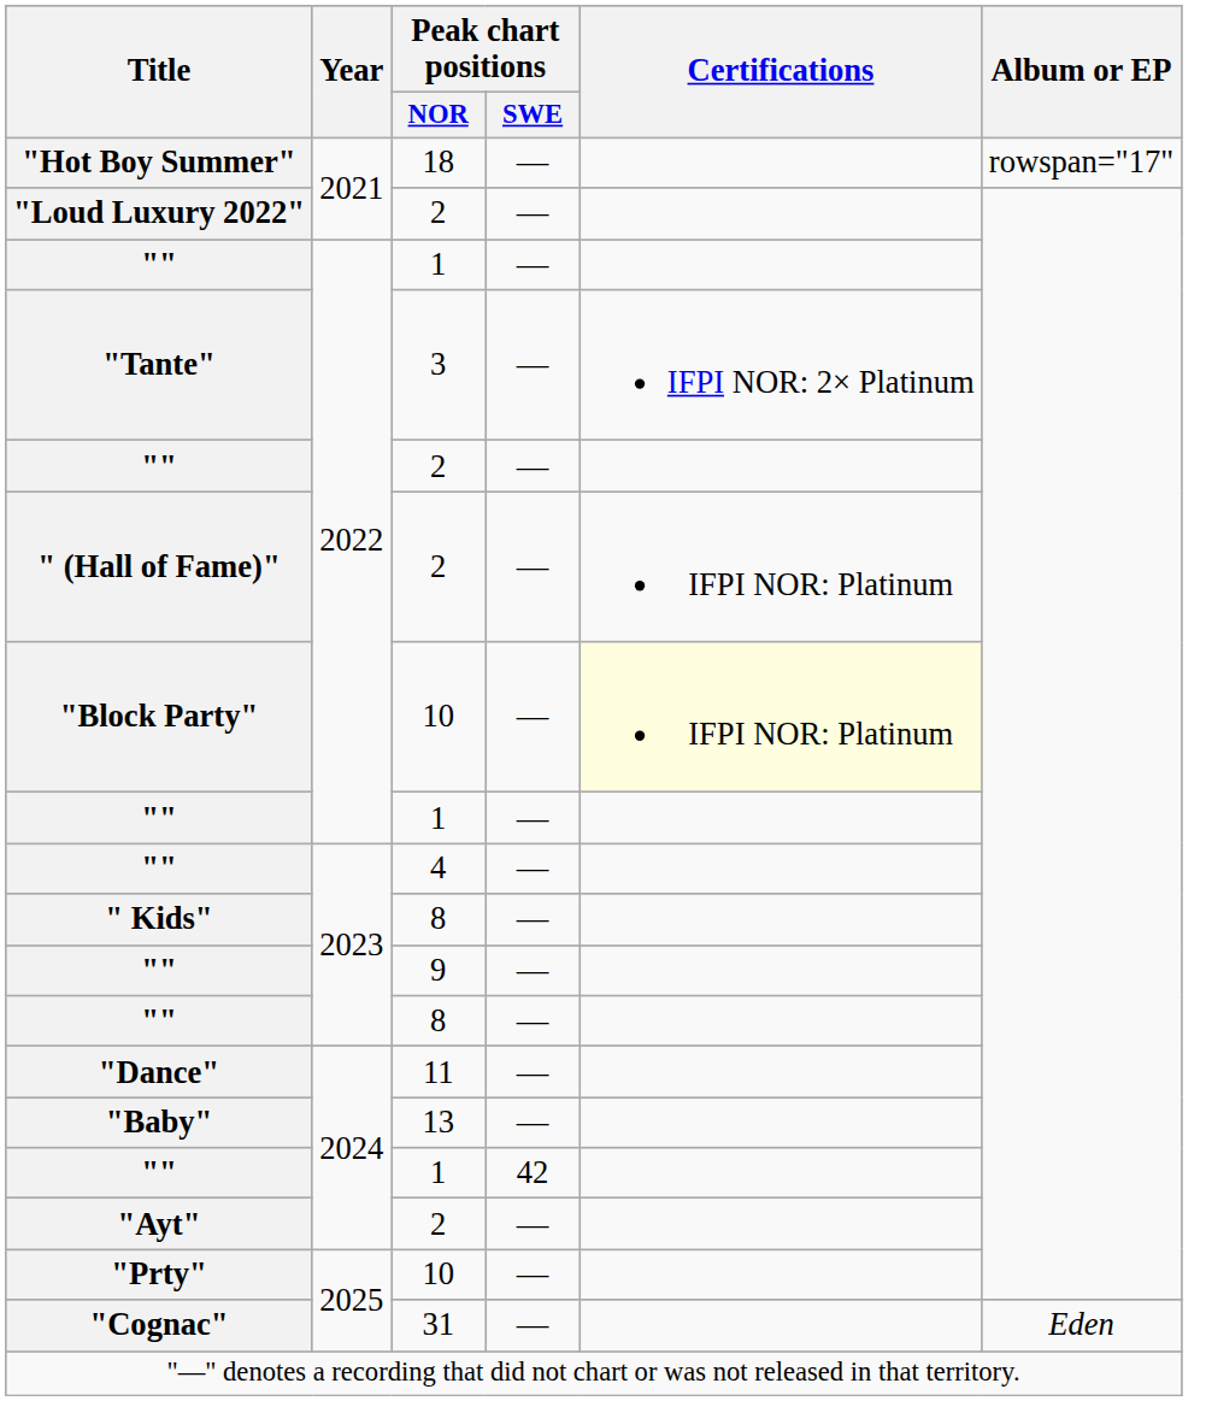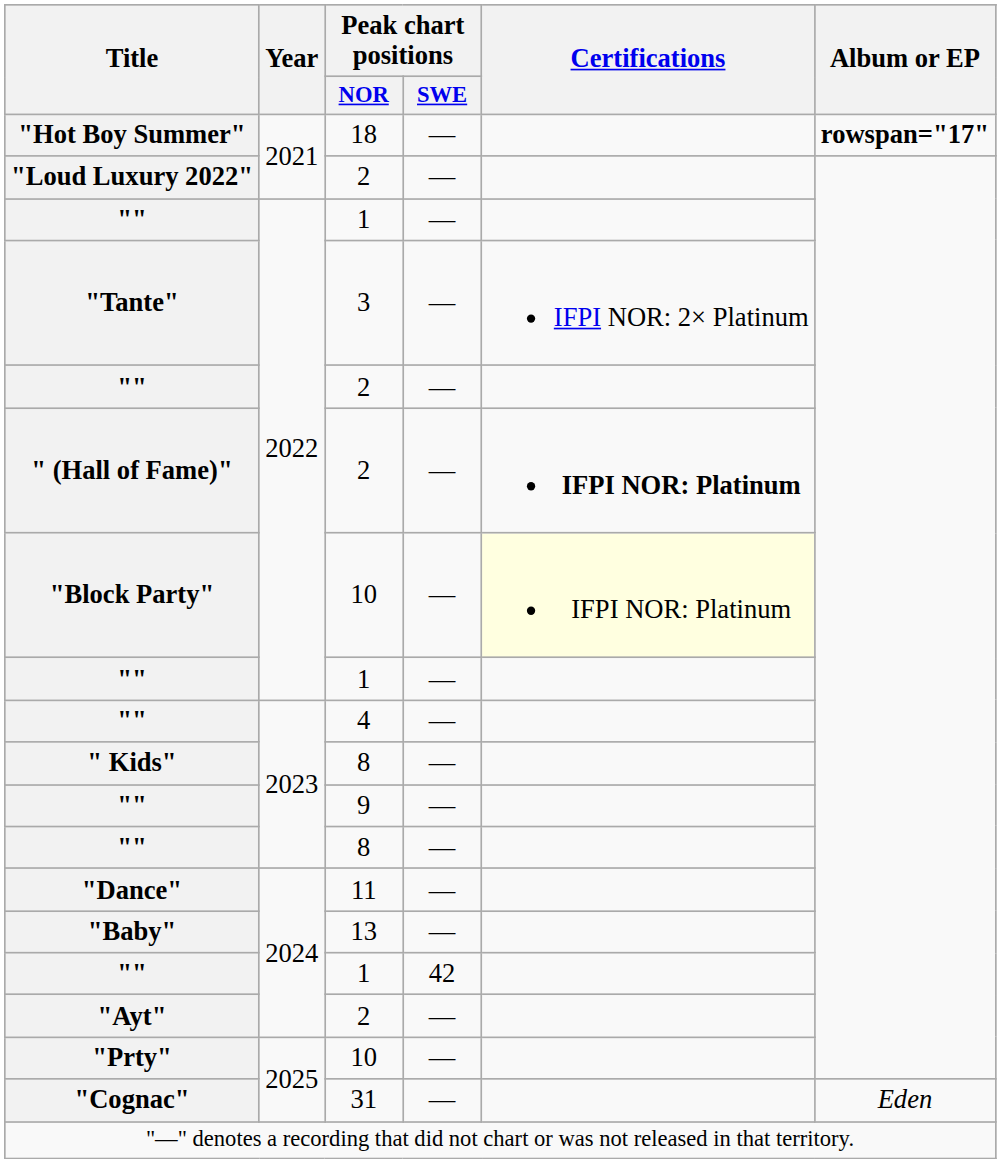 <table class="wikitable plainrowheaders" style="text-align:center;">
 <tr>
 <th scope="col" rowspan="2">Title</th>
 <th scope="col" rowspan="2">Year</th>
 <th scope="col" colspan="2">Peak chart positions</th>
 <th scope="col" rowspan="2"><a href='#'>Certifications</a></th>
 <th scope="col" rowspan="2">Album or EP</th>
 </tr>
 <tr>
 <th scope="col" style="width:3em;font-size:85%;"><a href='#'>NOR</a><br></th>
 <th scope="col" style="width:3em;font-size:85%;"><a href='#'>SWE</a><br></th>
 </tr>
 <tr>
 <th scope="row">"Hot Boy Summer"</th>
 <td rowspan="2">2021</td>
 <td>18</td>
 <td>—</td>
 <td></td>
-<td>rowspan="17" </td>
+<td><strong>rowspan="17" </strong></td>
 </tr>
 <tr>
 <th scope="row">"Loud Luxury 2022"<br></th>
 <td>2</td>
 <td>—</td>
 <td></td>
 </tr>
 <tr>
 <th scope="row">""<br></th>
 <td rowspan="6">2022</td>
 <td>1</td>
 <td>—</td>
 <td></td>
 </tr>
 <tr>
 <th scope="row">"Tante"<br></th>
 <td>3</td>
 <td>—</td>
 <td><br><ul><li><a href='#'>IFPI</a> NOR: 2× Platinum</li></ul></td>
 </tr>
 <tr>
 <th scope="row">""<br></th>
 <td>2</td>
 <td>—</td>
 <td></td>
 </tr>
 <tr>
 <th scope="row">" (Hall of Fame)"<br></th>
 <td>2</td>
 <td>—</td>
-<td><br><ul><li>IFPI NOR: Platinum</li></ul></td>
+<td><strong><br><ul><li>IFPI NOR: Platinum</li></ul></strong></td>
 </tr>
 <tr>
 <th scope="row">"Block Party"<br></th>
 <td>10</td>
 <td>—</td>
 <td style="background: lightyellow;"><br><ul><li>IFPI NOR: Platinum</li></ul></td>
 </tr>
 <tr>
 <th scope="row">""<br></th>
 <td>1</td>
 <td>—</td>
 <td></td>
 </tr>
 <tr>
 <th scope="row">""</th>
 <td rowspan="4">2023</td>
 <td>4</td>
 <td>—</td>
 <td></td>
 </tr>
 <tr>
 <th scope="row">" Kids"<br></th>
 <td>8</td>
 <td>—</td>
 <td></td>
 </tr>
 <tr>
 <th scope="row">""<br></th>
 <td>9</td>
 <td>—</td>
 <td></td>
 </tr>
 <tr>
 <th scope="row">""</th>
 <td>8</td>
 <td>—</td>
 <td></td>
 </tr>
 <tr>
 <th scope="row">"Dance"<br></th>
 <td rowspan="4">2024</td>
 <td>11</td>
 <td>—</td>
 <td></td>
 </tr>
 <tr>
 <th scope="row">"Baby"<br></th>
 <td>13</td>
 <td>—</td>
 <td></td>
 </tr>
 <tr>
 <th scope="row">""</th>
 <td>1</td>
 <td>42</td>
 <td></td>
 </tr>
 <tr>
 <th scope="row">"Ayt"</th>
 <td>2</td>
 <td>—</td>
 <td></td>
 </tr>
 <tr>
 <th scope="row">"Prty"<br></th>
 <td rowspan="2">2025</td>
 <td>10</td>
 <td>—</td>
 <td></td>
 </tr>
 <tr>
 <th scope="row">"Cognac"</th>
 <td>31</td>
 <td>—</td>
 <td></td>
 <td><em>Eden</em></td>
 </tr>
 <tr>
 <td colspan="14" style="font-size:85%">"—" denotes a recording that did not chart or was not released in that territory.</td>
 </tr>
 </table>
